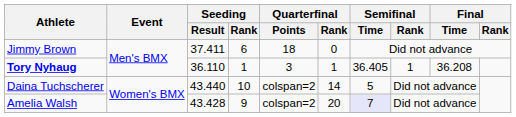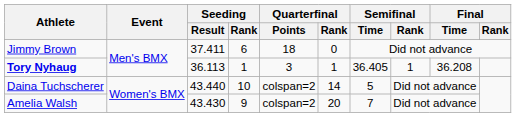 <table class="wikitable" style="font-size:90%">
 <tr>
 <th rowspan=2>Athlete</th>
 <th rowspan=2>Event</th>
 <th colspan=2>Seeding</th>
 <th colspan=2>Quarterfinal</th>
 <th colspan=2>Semifinal</th>
 <th colspan=2>Final</th>
 </tr>
 <tr style="font-size:95%">
 <th>Result</th>
 <th>Rank</th>
 <th>Points</th>
 <th>Rank</th>
 <th>Time</th>
 <th>Rank</th>
 <th>Time</th>
 <th>Rank</th>
 </tr>
 <tr align=center>
 <td align=left><a href='#'>Jimmy Brown</a></td>
 <td align=left rowspan=2><a href='#'>Men's BMX</a></td>
 <td>37.411</td>
 <td>6</td>
 <td>18</td>
 <td>0</td>
 <td colspan=4>Did not advance</td>
 </tr>
 <tr align=center>
 <td align=left><strong><a href='#'>Tory Nyhaug</a></strong></td>
-<td>36.110</td>
+<td>36.113</td>
 <td>1</td>
 <td>3</td>
 <td>1</td>
 <td>36.405</td>
 <td>1</td>
 <td>36.208</td>
 <td></td>
 </tr>
 <tr align=center>
 <td align=left><a href='#'>Daina Tuchscherer</a></td>
 <td align=left rowspan=2><a href='#'>Women's BMX</a></td>
 <td>43.440</td>
 <td>10</td>
 <td>colspan=2 </td>
 <td>14</td>
 <td>5</td>
 <td colspan=2>Did not advance</td>
 </tr>
 <tr align=center>
 <td align=left><a href='#'>Amelia Walsh</a></td>
-<td>43.428</td>
+<td>43.430</td>
 <td>9</td>
 <td>colspan=2 </td>
 <td>20</td>
-<td style="background: lavender;">7</td>
+<td>7</td>
 <td colspan=2>Did not advance</td>
 </tr>
 </table>
